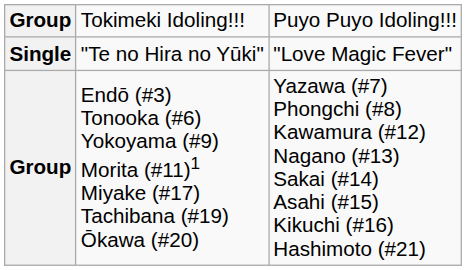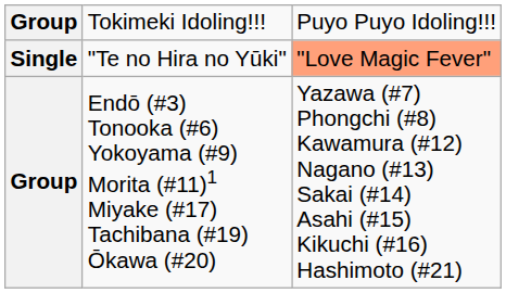 <table class="wikitable">
 <tr>
 <th>Group</th>
 <td>Tokimeki Idoling!!!</td>
 <td>Puyo Puyo Idoling!!!</td>
 </tr>
 <tr>
 <th>Single</th>
 <td>"Te no Hira no Yūki"</td>
-<td>"Love Magic Fever"</td>
+<td style="background: lightsalmon;">"Love Magic Fever"</td>
 </tr>
 <tr>
 <th>Group</th>
 <td>Endō (#3) <br>Tonooka (#6) <br>Yokoyama (#9) <br>Morita (#11)<sup>1</sup> <br>Miyake (#17) <br>Tachibana (#19) <br>Ōkawa (#20)</td>
 <td>Yazawa (#7) <br>Phongchi (#8) <br>Kawamura (#12) <br>Nagano (#13) <br>Sakai (#14) <br>Asahi (#15) <br>Kikuchi (#16) <br>Hashimoto (#21)</td>
 </tr>
 </table>
